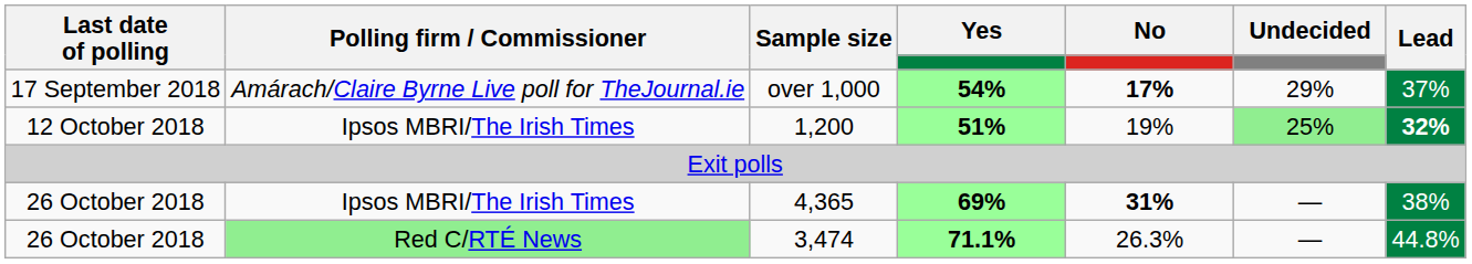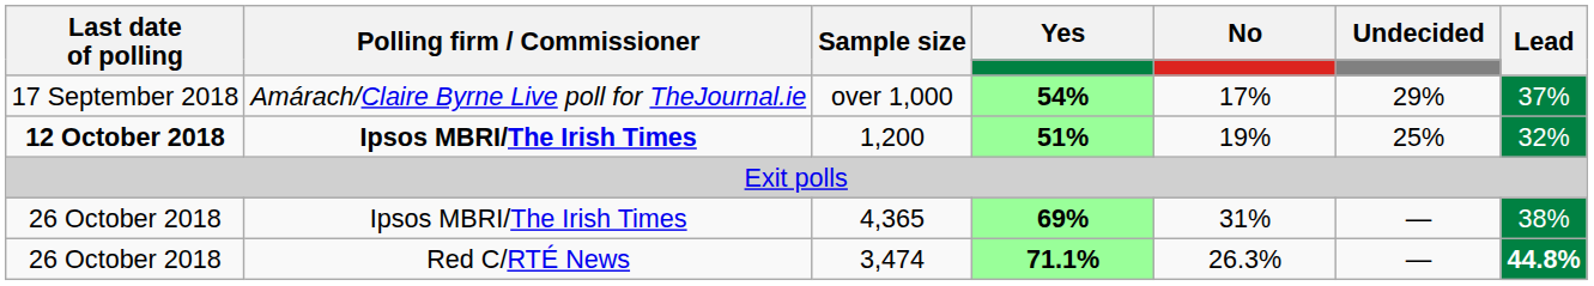 <table class="wikitable" style="text-align:center;font-size:95%;">
 <tr>
 <th rowspan="2">Last date <br>of polling</th>
 <th rowspan="2">Polling firm / Commissioner</th>
 <th rowspan="2">Sample size</th>
 <th>Yes</th>
 <th>No</th>
 <th>Undecided</th>
 <th rowspan="2">Lead</th>
 </tr>
 <tr>
 <th class="unsortable" style="background: rgb(0, 129, 66); width: 100px; color: white;"></th>
 <th class="unsortable" style="background: rgb(220, 36, 31); width: 100px; color: white;"></th>
 <th class="unsortable" style="background: gray; width: 90px; color: white;"></th>
 </tr>
 <tr>
 <td data-sort-value="2018-09-17">17 September 2018</td>
 <td><em>Amárach/<a href='#'>Claire Byrne Live</a> poll for <a href='#'>TheJournal.ie</a></em></td>
 <td>over 1,000</td>
 <td style="background: rgb(153, 255, 153);"><strong>54%</strong></td>
-<td><strong>17%</strong></td>
+<td>17%</td>
 <td>29%</td>
 <td style="background: rgb(0, 129, 66); color: white;">37%</td>
 </tr>
 <tr>
-<td>12 October 2018</td>
-<td>Ipsos MBRI/<a href='#'>The Irish Times</a></td>
+<td><strong>12 October 2018</strong></td>
+<td><strong>Ipsos MBRI/<a href='#'>The Irish Times</a></strong></td>
 <td>1,200</td>
 <td style="background: rgb(153, 255, 153);"><strong>51%</strong></td>
 <td>19%</td>
-<td style="background: lightgreen;">25%</td>
-<td style="background: rgb(0, 129, 66); color: white;"><strong>32%</strong></td>
+<td>25%</td>
+<td style="background: rgb(0, 129, 66); color: white;">32%</td>
 </tr>
 <tr>
 <td colspan="9" style="background:#D0D0D0; color:black"><a href='#'>Exit polls</a></td>
 </tr>
 <tr>
 <td>26 October 2018</td>
 <td>Ipsos MBRI/<a href='#'>The Irish Times</a></td>
 <td>4,365</td>
 <td style="background: rgb(153, 255, 153);"><strong>69%</strong></td>
-<td><strong>31%</strong></td>
+<td>31%</td>
 <td>—</td>
 <td style="background: rgb(0, 129, 66); color: white;">38%</td>
 </tr>
 <tr>
 <td>26 October 2018</td>
-<td style="background: lightgreen;">Red C/<a href='#'>RTÉ News</a></td>
+<td>Red C/<a href='#'>RTÉ News</a></td>
 <td>3,474</td>
 <td style="background: rgb(153, 255, 153);"><strong>71.1%</strong></td>
 <td>26.3%</td>
 <td>—</td>
-<td style="background: rgb(0, 129, 66); color: white;">44.8%</td>
+<td style="background: rgb(0, 129, 66); color: white;"><strong>44.8%</strong></td>
 </tr>
 </table>
